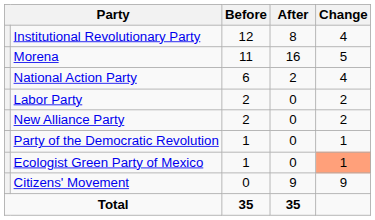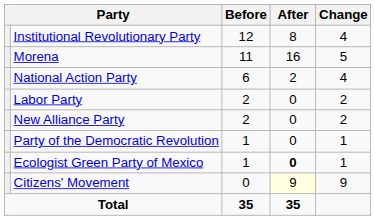 <table class="wikitable" style="text-align:center;">
 <tr>
 <th colspan="2">Party</th>
 <th style="width:3em">Before</th>
 <th style="width:3em">After</th>
 <th style="width:3em">Change</th>
 </tr>
 <tr>
 <th style="background-color:"></th>
 <td style="text-align:left;"><a href='#'>Institutional Revolutionary Party</a></td>
 <td>12</td>
 <td>8</td>
 <td>4</td>
 </tr>
 <tr>
 <th style="background-color:"></th>
 <td style="text-align:left;"><a href='#'>Morena</a></td>
 <td>11</td>
 <td>16</td>
 <td>5</td>
 </tr>
 <tr>
 <th style="background-color:"></th>
 <td style="text-align:left;"><a href='#'>National Action Party</a></td>
 <td>6</td>
 <td>2</td>
 <td>4</td>
 </tr>
 <tr>
 <th style="background-color:"></th>
 <td style="text-align:left;"><a href='#'>Labor Party</a></td>
 <td>2</td>
 <td>0</td>
 <td>2</td>
 </tr>
 <tr>
 <th style="background-color:"></th>
 <td style="text-align:left;"><a href='#'>New Alliance Party</a></td>
 <td>2</td>
 <td>0</td>
 <td>2</td>
 </tr>
 <tr>
 <th style="background-color:"></th>
 <td style="text-align:left;"><a href='#'>Party of the Democratic Revolution</a></td>
 <td>1</td>
 <td>0</td>
 <td>1</td>
 </tr>
 <tr>
 <th style="background-color:"></th>
 <td style="text-align:left;"><a href='#'>Ecologist Green Party of Mexico</a></td>
 <td>1</td>
-<td>0</td>
-<td style="background: lightsalmon;">1</td>
+<td><strong>0</strong></td>
+<td>1</td>
 </tr>
 <tr>
 <th style="background-color:"></th>
 <td style="text-align:left;"><a href='#'>Citizens' Movement</a></td>
 <td>0</td>
-<td>9</td>
+<td style="background: lightyellow;">9</td>
 <td>9</td>
 </tr>
 <tr>
 <td colspan="2"><strong>Total</strong></td>
 <td><strong>35</strong></td>
 <td><strong>35</strong></td>
 <td></td>
 </tr>
 </table>
